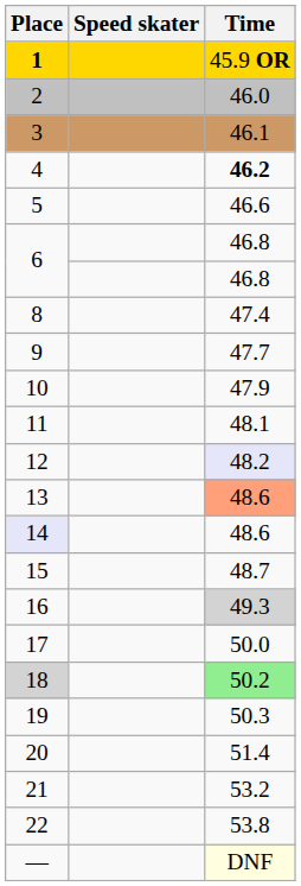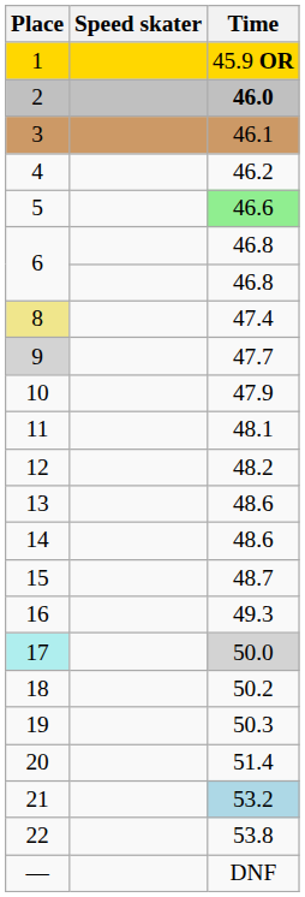 <table class="wikitable" style="text-align:center">
 <tr>
 <th>Place</th>
 <th>Speed skater</th>
 <th>Time</th>
 </tr>
 <tr bgcolor=gold>
-<td><strong>1</strong></td>
+<td>1</td>
 <td align=left></td>
 <td>45.9 <strong>OR</strong></td>
 </tr>
 <tr bgcolor=silver>
 <td>2</td>
 <td align=left></td>
-<td>46.0</td>
+<td><strong>46.0</strong></td>
 </tr>
 <tr bgcolor=cc9966>
 <td>3</td>
 <td align=left></td>
 <td>46.1</td>
 </tr>
 <tr>
 <td>4</td>
 <td align=left></td>
-<td><strong>46.2</strong></td>
+<td>46.2</td>
 </tr>
 <tr>
 <td>5</td>
 <td align=left></td>
-<td>46.6</td>
+<td style="background: lightgreen;">46.6</td>
 </tr>
 <tr>
 <td rowspan=2>6</td>
 <td align=left></td>
 <td>46.8</td>
 </tr>
 <tr>
 <td align=left></td>
 <td>46.8</td>
 </tr>
 <tr>
-<td>8</td>
+<td style="background: khaki;">8</td>
 <td align=left></td>
 <td>47.4</td>
 </tr>
 <tr>
-<td>9</td>
+<td style="background: lightgrey;">9</td>
 <td align=left></td>
 <td>47.7</td>
 </tr>
 <tr>
 <td>10</td>
 <td align=left></td>
 <td>47.9</td>
 </tr>
 <tr>
 <td>11</td>
 <td align=left></td>
 <td>48.1</td>
 </tr>
 <tr>
 <td>12</td>
 <td align=left></td>
-<td style="background: lavender;">48.2</td>
+<td>48.2</td>
 </tr>
 <tr>
 <td>13</td>
 <td align=left></td>
-<td style="background: lightsalmon;">48.6</td>
+<td>48.6</td>
 </tr>
 <tr>
-<td style="background: lavender;">14</td>
+<td>14</td>
 <td align=left></td>
 <td>48.6</td>
 </tr>
 <tr>
 <td>15</td>
 <td align=left></td>
 <td>48.7</td>
 </tr>
 <tr>
 <td>16</td>
 <td align=left></td>
-<td style="background: lightgrey;">49.3</td>
+<td>49.3</td>
 </tr>
 <tr>
-<td>17</td>
+<td style="background: paleturquoise;">17</td>
 <td align=left></td>
-<td>50.0</td>
+<td style="background: lightgrey;">50.0</td>
 </tr>
 <tr>
-<td style="background: lightgrey;">18</td>
+<td>18</td>
 <td align=left></td>
-<td style="background: lightgreen;">50.2</td>
+<td>50.2</td>
 </tr>
 <tr>
 <td>19</td>
 <td align=left></td>
 <td>50.3</td>
 </tr>
 <tr>
 <td>20</td>
 <td Align=left></td>
 <td>51.4</td>
 </tr>
 <tr>
 <td>21</td>
 <td align=left></td>
-<td>53.2</td>
+<td style="background: lightblue;">53.2</td>
 </tr>
 <tr>
 <td>22</td>
 <td align=left></td>
 <td>53.8</td>
 </tr>
 <tr>
 <td>—</td>
 <td align=left></td>
-<td style="background: lightyellow;">DNF</td>
+<td>DNF</td>
 </tr>
 </table>
